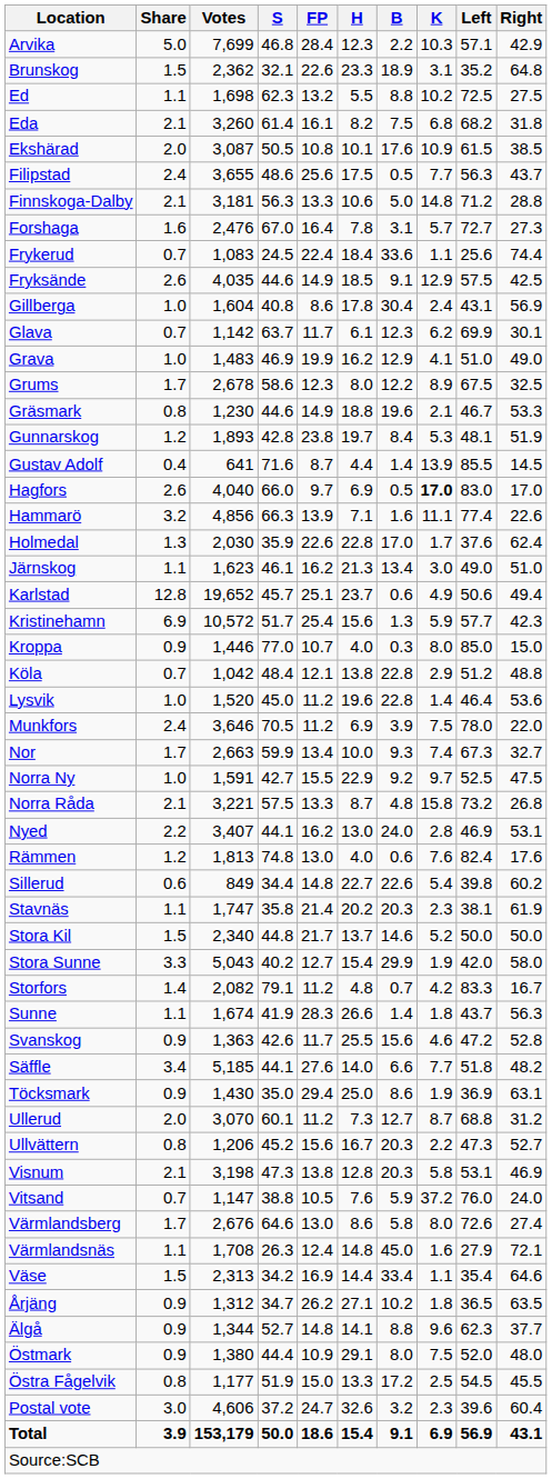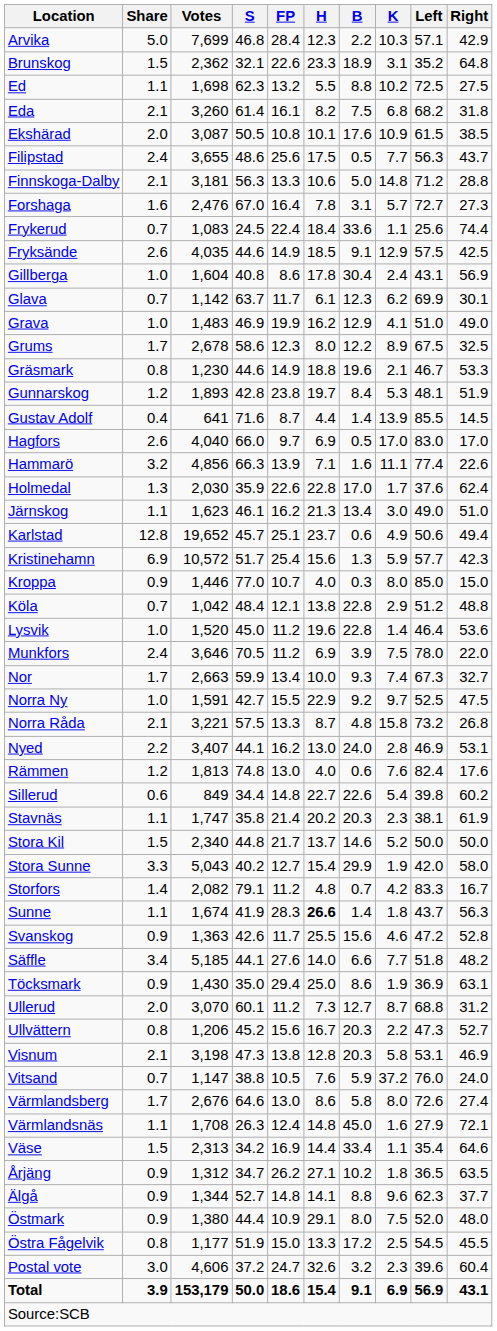 <table class="wikitable sortable" style=text-align:right>
 <tr>
 <th>Location</th>
 <th>Share</th>
 <th>Votes</th>
 <th><a href='#'>S</a></th>
 <th><a href='#'>FP</a></th>
 <th><a href='#'>H</a></th>
 <th><a href='#'>B</a></th>
 <th><a href='#'>K</a></th>
 <th>Left</th>
 <th>Right</th>
 </tr>
 <tr>
 <td align=left><a href='#'>Arvika</a></td>
 <td>5.0</td>
 <td>7,699</td>
 <td>46.8</td>
 <td>28.4</td>
 <td>12.3</td>
 <td>2.2</td>
 <td>10.3</td>
 <td>57.1</td>
 <td>42.9</td>
 </tr>
 <tr>
 <td align=left><a href='#'>Brunskog</a></td>
 <td>1.5</td>
 <td>2,362</td>
 <td>32.1</td>
 <td>22.6</td>
 <td>23.3</td>
 <td>18.9</td>
 <td>3.1</td>
 <td>35.2</td>
 <td>64.8</td>
 </tr>
 <tr>
 <td align=left><a href='#'>Ed</a></td>
 <td>1.1</td>
 <td>1,698</td>
 <td>62.3</td>
 <td>13.2</td>
 <td>5.5</td>
 <td>8.8</td>
 <td>10.2</td>
 <td>72.5</td>
 <td>27.5</td>
 </tr>
 <tr>
 <td align=left><a href='#'>Eda</a></td>
 <td>2.1</td>
 <td>3,260</td>
 <td>61.4</td>
 <td>16.1</td>
 <td>8.2</td>
 <td>7.5</td>
 <td>6.8</td>
 <td>68.2</td>
 <td>31.8</td>
 </tr>
 <tr>
 <td align=left><a href='#'>Ekshärad</a></td>
 <td>2.0</td>
 <td>3,087</td>
 <td>50.5</td>
 <td>10.8</td>
 <td>10.1</td>
 <td>17.6</td>
 <td>10.9</td>
 <td>61.5</td>
 <td>38.5</td>
 </tr>
 <tr>
 <td align=left><a href='#'>Filipstad</a></td>
 <td>2.4</td>
 <td>3,655</td>
 <td>48.6</td>
 <td>25.6</td>
 <td>17.5</td>
 <td>0.5</td>
 <td>7.7</td>
 <td>56.3</td>
 <td>43.7</td>
 </tr>
 <tr>
 <td align=left><a href='#'>Finnskoga-Dalby</a></td>
 <td>2.1</td>
 <td>3,181</td>
 <td>56.3</td>
 <td>13.3</td>
 <td>10.6</td>
 <td>5.0</td>
 <td>14.8</td>
 <td>71.2</td>
 <td>28.8</td>
 </tr>
 <tr>
 <td align=left><a href='#'>Forshaga</a></td>
 <td>1.6</td>
 <td>2,476</td>
 <td>67.0</td>
 <td>16.4</td>
 <td>7.8</td>
 <td>3.1</td>
 <td>5.7</td>
 <td>72.7</td>
 <td>27.3</td>
 </tr>
 <tr>
 <td align=left><a href='#'>Frykerud</a></td>
 <td>0.7</td>
 <td>1,083</td>
 <td>24.5</td>
 <td>22.4</td>
 <td>18.4</td>
 <td>33.6</td>
 <td>1.1</td>
 <td>25.6</td>
 <td>74.4</td>
 </tr>
 <tr>
 <td align=left><a href='#'>Fryksände</a></td>
 <td>2.6</td>
 <td>4,035</td>
 <td>44.6</td>
 <td>14.9</td>
 <td>18.5</td>
 <td>9.1</td>
 <td>12.9</td>
 <td>57.5</td>
 <td>42.5</td>
 </tr>
 <tr>
 <td align=left><a href='#'>Gillberga</a></td>
 <td>1.0</td>
 <td>1,604</td>
 <td>40.8</td>
 <td>8.6</td>
 <td>17.8</td>
 <td>30.4</td>
 <td>2.4</td>
 <td>43.1</td>
 <td>56.9</td>
 </tr>
 <tr>
 <td align=left><a href='#'>Glava</a></td>
 <td>0.7</td>
 <td>1,142</td>
 <td>63.7</td>
 <td>11.7</td>
 <td>6.1</td>
 <td>12.3</td>
 <td>6.2</td>
 <td>69.9</td>
 <td>30.1</td>
 </tr>
 <tr>
 <td align=left><a href='#'>Grava</a></td>
 <td>1.0</td>
 <td>1,483</td>
 <td>46.9</td>
 <td>19.9</td>
 <td>16.2</td>
 <td>12.9</td>
 <td>4.1</td>
 <td>51.0</td>
 <td>49.0</td>
 </tr>
 <tr>
 <td align=left><a href='#'>Grums</a></td>
 <td>1.7</td>
 <td>2,678</td>
 <td>58.6</td>
 <td>12.3</td>
 <td>8.0</td>
 <td>12.2</td>
 <td>8.9</td>
 <td>67.5</td>
 <td>32.5</td>
 </tr>
 <tr>
 <td align=left><a href='#'>Gräsmark</a></td>
 <td>0.8</td>
 <td>1,230</td>
 <td>44.6</td>
 <td>14.9</td>
 <td>18.8</td>
 <td>19.6</td>
 <td>2.1</td>
 <td>46.7</td>
 <td>53.3</td>
 </tr>
 <tr>
 <td align=left><a href='#'>Gunnarskog</a></td>
 <td>1.2</td>
 <td>1,893</td>
 <td>42.8</td>
 <td>23.8</td>
 <td>19.7</td>
 <td>8.4</td>
 <td>5.3</td>
 <td>48.1</td>
 <td>51.9</td>
 </tr>
 <tr>
 <td align=left><a href='#'>Gustav Adolf</a></td>
 <td>0.4</td>
 <td>641</td>
 <td>71.6</td>
 <td>8.7</td>
 <td>4.4</td>
 <td>1.4</td>
 <td>13.9</td>
 <td>85.5</td>
 <td>14.5</td>
 </tr>
 <tr>
 <td align=left><a href='#'>Hagfors</a></td>
 <td>2.6</td>
 <td>4,040</td>
 <td>66.0</td>
 <td>9.7</td>
 <td>6.9</td>
 <td>0.5</td>
-<td><strong>17.0</strong></td>
+<td>17.0</td>
 <td>83.0</td>
 <td>17.0</td>
 </tr>
 <tr>
 <td align=left><a href='#'>Hammarö</a></td>
 <td>3.2</td>
 <td>4,856</td>
 <td>66.3</td>
 <td>13.9</td>
 <td>7.1</td>
 <td>1.6</td>
 <td>11.1</td>
 <td>77.4</td>
 <td>22.6</td>
 </tr>
 <tr>
 <td align=left><a href='#'>Holmedal</a></td>
 <td>1.3</td>
 <td>2,030</td>
 <td>35.9</td>
 <td>22.6</td>
 <td>22.8</td>
 <td>17.0</td>
 <td>1.7</td>
 <td>37.6</td>
 <td>62.4</td>
 </tr>
 <tr>
 <td align=left><a href='#'>Järnskog</a></td>
 <td>1.1</td>
 <td>1,623</td>
 <td>46.1</td>
 <td>16.2</td>
 <td>21.3</td>
 <td>13.4</td>
 <td>3.0</td>
 <td>49.0</td>
 <td>51.0</td>
 </tr>
 <tr>
 <td align=left><a href='#'>Karlstad</a></td>
 <td>12.8</td>
 <td>19,652</td>
 <td>45.7</td>
 <td>25.1</td>
 <td>23.7</td>
 <td>0.6</td>
 <td>4.9</td>
 <td>50.6</td>
 <td>49.4</td>
 </tr>
 <tr>
 <td align=left><a href='#'>Kristinehamn</a></td>
 <td>6.9</td>
 <td>10,572</td>
 <td>51.7</td>
 <td>25.4</td>
 <td>15.6</td>
 <td>1.3</td>
 <td>5.9</td>
 <td>57.7</td>
 <td>42.3</td>
 </tr>
 <tr>
 <td align=left><a href='#'>Kroppa</a></td>
 <td>0.9</td>
 <td>1,446</td>
 <td>77.0</td>
 <td>10.7</td>
 <td>4.0</td>
 <td>0.3</td>
 <td>8.0</td>
 <td>85.0</td>
 <td>15.0</td>
 </tr>
 <tr>
 <td align=left><a href='#'>Köla</a></td>
 <td>0.7</td>
 <td>1,042</td>
 <td>48.4</td>
 <td>12.1</td>
 <td>13.8</td>
 <td>22.8</td>
 <td>2.9</td>
 <td>51.2</td>
 <td>48.8</td>
 </tr>
 <tr>
 <td align=left><a href='#'>Lysvik</a></td>
 <td>1.0</td>
 <td>1,520</td>
 <td>45.0</td>
 <td>11.2</td>
 <td>19.6</td>
 <td>22.8</td>
 <td>1.4</td>
 <td>46.4</td>
 <td>53.6</td>
 </tr>
 <tr>
 <td align=left><a href='#'>Munkfors</a></td>
 <td>2.4</td>
 <td>3,646</td>
 <td>70.5</td>
 <td>11.2</td>
 <td>6.9</td>
 <td>3.9</td>
 <td>7.5</td>
 <td>78.0</td>
 <td>22.0</td>
 </tr>
 <tr>
 <td align=left><a href='#'>Nor</a></td>
 <td>1.7</td>
 <td>2,663</td>
 <td>59.9</td>
 <td>13.4</td>
 <td>10.0</td>
 <td>9.3</td>
 <td>7.4</td>
 <td>67.3</td>
 <td>32.7</td>
 </tr>
 <tr>
 <td align=left><a href='#'>Norra Ny</a></td>
 <td>1.0</td>
 <td>1,591</td>
 <td>42.7</td>
 <td>15.5</td>
 <td>22.9</td>
 <td>9.2</td>
 <td>9.7</td>
 <td>52.5</td>
 <td>47.5</td>
 </tr>
 <tr>
 <td align=left><a href='#'>Norra Råda</a></td>
 <td>2.1</td>
 <td>3,221</td>
 <td>57.5</td>
 <td>13.3</td>
 <td>8.7</td>
 <td>4.8</td>
 <td>15.8</td>
 <td>73.2</td>
 <td>26.8</td>
 </tr>
 <tr>
 <td align=left><a href='#'>Nyed</a></td>
 <td>2.2</td>
 <td>3,407</td>
 <td>44.1</td>
 <td>16.2</td>
 <td>13.0</td>
 <td>24.0</td>
 <td>2.8</td>
 <td>46.9</td>
 <td>53.1</td>
 </tr>
 <tr>
 <td align=left><a href='#'>Rämmen</a></td>
 <td>1.2</td>
 <td>1,813</td>
 <td>74.8</td>
 <td>13.0</td>
 <td>4.0</td>
 <td>0.6</td>
 <td>7.6</td>
 <td>82.4</td>
 <td>17.6</td>
 </tr>
 <tr>
 <td align=left><a href='#'>Sillerud</a></td>
 <td>0.6</td>
 <td>849</td>
 <td>34.4</td>
 <td>14.8</td>
 <td>22.7</td>
 <td>22.6</td>
 <td>5.4</td>
 <td>39.8</td>
 <td>60.2</td>
 </tr>
 <tr>
 <td align=left><a href='#'>Stavnäs</a></td>
 <td>1.1</td>
 <td>1,747</td>
 <td>35.8</td>
 <td>21.4</td>
 <td>20.2</td>
 <td>20.3</td>
 <td>2.3</td>
 <td>38.1</td>
 <td>61.9</td>
 </tr>
 <tr>
 <td align=left><a href='#'>Stora Kil</a></td>
 <td>1.5</td>
 <td>2,340</td>
 <td>44.8</td>
 <td>21.7</td>
 <td>13.7</td>
 <td>14.6</td>
 <td>5.2</td>
 <td>50.0</td>
 <td>50.0</td>
 </tr>
 <tr>
 <td align=left><a href='#'>Stora Sunne</a></td>
 <td>3.3</td>
 <td>5,043</td>
 <td>40.2</td>
 <td>12.7</td>
 <td>15.4</td>
 <td>29.9</td>
 <td>1.9</td>
 <td>42.0</td>
 <td>58.0</td>
 </tr>
 <tr>
 <td align=left><a href='#'>Storfors</a></td>
 <td>1.4</td>
 <td>2,082</td>
 <td>79.1</td>
 <td>11.2</td>
 <td>4.8</td>
 <td>0.7</td>
 <td>4.2</td>
 <td>83.3</td>
 <td>16.7</td>
 </tr>
 <tr>
 <td align=left><a href='#'>Sunne</a></td>
 <td>1.1</td>
 <td>1,674</td>
 <td>41.9</td>
 <td>28.3</td>
-<td>26.6</td>
+<td><strong>26.6</strong></td>
 <td>1.4</td>
 <td>1.8</td>
 <td>43.7</td>
 <td>56.3</td>
 </tr>
 <tr>
 <td align=left><a href='#'>Svanskog</a></td>
 <td>0.9</td>
 <td>1,363</td>
 <td>42.6</td>
 <td>11.7</td>
 <td>25.5</td>
 <td>15.6</td>
 <td>4.6</td>
 <td>47.2</td>
 <td>52.8</td>
 </tr>
 <tr>
 <td align=left><a href='#'>Säffle</a></td>
 <td>3.4</td>
 <td>5,185</td>
 <td>44.1</td>
 <td>27.6</td>
 <td>14.0</td>
 <td>6.6</td>
 <td>7.7</td>
 <td>51.8</td>
 <td>48.2</td>
 </tr>
 <tr>
 <td align=left><a href='#'>Töcksmark</a></td>
 <td>0.9</td>
 <td>1,430</td>
 <td>35.0</td>
 <td>29.4</td>
 <td>25.0</td>
 <td>8.6</td>
 <td>1.9</td>
 <td>36.9</td>
 <td>63.1</td>
 </tr>
 <tr>
 <td align=left><a href='#'>Ullerud</a></td>
 <td>2.0</td>
 <td>3,070</td>
 <td>60.1</td>
 <td>11.2</td>
 <td>7.3</td>
 <td>12.7</td>
 <td>8.7</td>
 <td>68.8</td>
 <td>31.2</td>
 </tr>
 <tr>
 <td align=left><a href='#'>Ullvättern</a></td>
 <td>0.8</td>
 <td>1,206</td>
 <td>45.2</td>
 <td>15.6</td>
 <td>16.7</td>
 <td>20.3</td>
 <td>2.2</td>
 <td>47.3</td>
 <td>52.7</td>
 </tr>
 <tr>
 <td align=left><a href='#'>Visnum</a></td>
 <td>2.1</td>
 <td>3,198</td>
 <td>47.3</td>
 <td>13.8</td>
 <td>12.8</td>
 <td>20.3</td>
 <td>5.8</td>
 <td>53.1</td>
 <td>46.9</td>
 </tr>
 <tr>
 <td align=left><a href='#'>Vitsand</a></td>
 <td>0.7</td>
 <td>1,147</td>
 <td>38.8</td>
 <td>10.5</td>
 <td>7.6</td>
 <td>5.9</td>
 <td>37.2</td>
 <td>76.0</td>
 <td>24.0</td>
 </tr>
 <tr>
 <td align=left><a href='#'>Värmlandsberg</a></td>
 <td>1.7</td>
 <td>2,676</td>
 <td>64.6</td>
 <td>13.0</td>
 <td>8.6</td>
 <td>5.8</td>
 <td>8.0</td>
 <td>72.6</td>
 <td>27.4</td>
 </tr>
 <tr>
 <td align=left><a href='#'>Värmlandsnäs</a></td>
 <td>1.1</td>
 <td>1,708</td>
 <td>26.3</td>
 <td>12.4</td>
 <td>14.8</td>
 <td>45.0</td>
 <td>1.6</td>
 <td>27.9</td>
 <td>72.1</td>
 </tr>
 <tr>
 <td align=left><a href='#'>Väse</a></td>
 <td>1.5</td>
 <td>2,313</td>
 <td>34.2</td>
 <td>16.9</td>
 <td>14.4</td>
 <td>33.4</td>
 <td>1.1</td>
 <td>35.4</td>
 <td>64.6</td>
 </tr>
 <tr>
 <td align=left><a href='#'>Årjäng</a></td>
 <td>0.9</td>
 <td>1,312</td>
 <td>34.7</td>
 <td>26.2</td>
 <td>27.1</td>
 <td>10.2</td>
 <td>1.8</td>
 <td>36.5</td>
 <td>63.5</td>
 </tr>
 <tr>
 <td align=left><a href='#'>Älgå</a></td>
 <td>0.9</td>
 <td>1,344</td>
 <td>52.7</td>
 <td>14.8</td>
 <td>14.1</td>
 <td>8.8</td>
 <td>9.6</td>
 <td>62.3</td>
 <td>37.7</td>
 </tr>
 <tr>
 <td align=left><a href='#'>Östmark</a></td>
 <td>0.9</td>
 <td>1,380</td>
 <td>44.4</td>
 <td>10.9</td>
 <td>29.1</td>
 <td>8.0</td>
 <td>7.5</td>
 <td>52.0</td>
 <td>48.0</td>
 </tr>
 <tr>
 <td align=left><a href='#'>Östra Fågelvik</a></td>
 <td>0.8</td>
 <td>1,177</td>
 <td>51.9</td>
 <td>15.0</td>
 <td>13.3</td>
 <td>17.2</td>
 <td>2.5</td>
 <td>54.5</td>
 <td>45.5</td>
 </tr>
 <tr>
 <td align=left><a href='#'>Postal vote</a></td>
 <td>3.0</td>
 <td>4,606</td>
 <td>37.2</td>
 <td>24.7</td>
 <td>32.6</td>
 <td>3.2</td>
 <td>2.3</td>
 <td>39.6</td>
 <td>60.4</td>
 </tr>
 <tr>
 <td align=left><strong>Total</strong></td>
 <td><strong>3.9</strong></td>
 <td><strong>153,179</strong></td>
 <td><strong>50.0</strong></td>
 <td><strong>18.6</strong></td>
 <td><strong>15.4</strong></td>
 <td><strong>9.1</strong></td>
 <td><strong>6.9</strong></td>
 <td><strong>56.9</strong></td>
 <td><strong>43.1</strong></td>
 </tr>
 <tr>
 <td align=left colspan=10>Source:SCB </td>
 </tr>
 </table>
